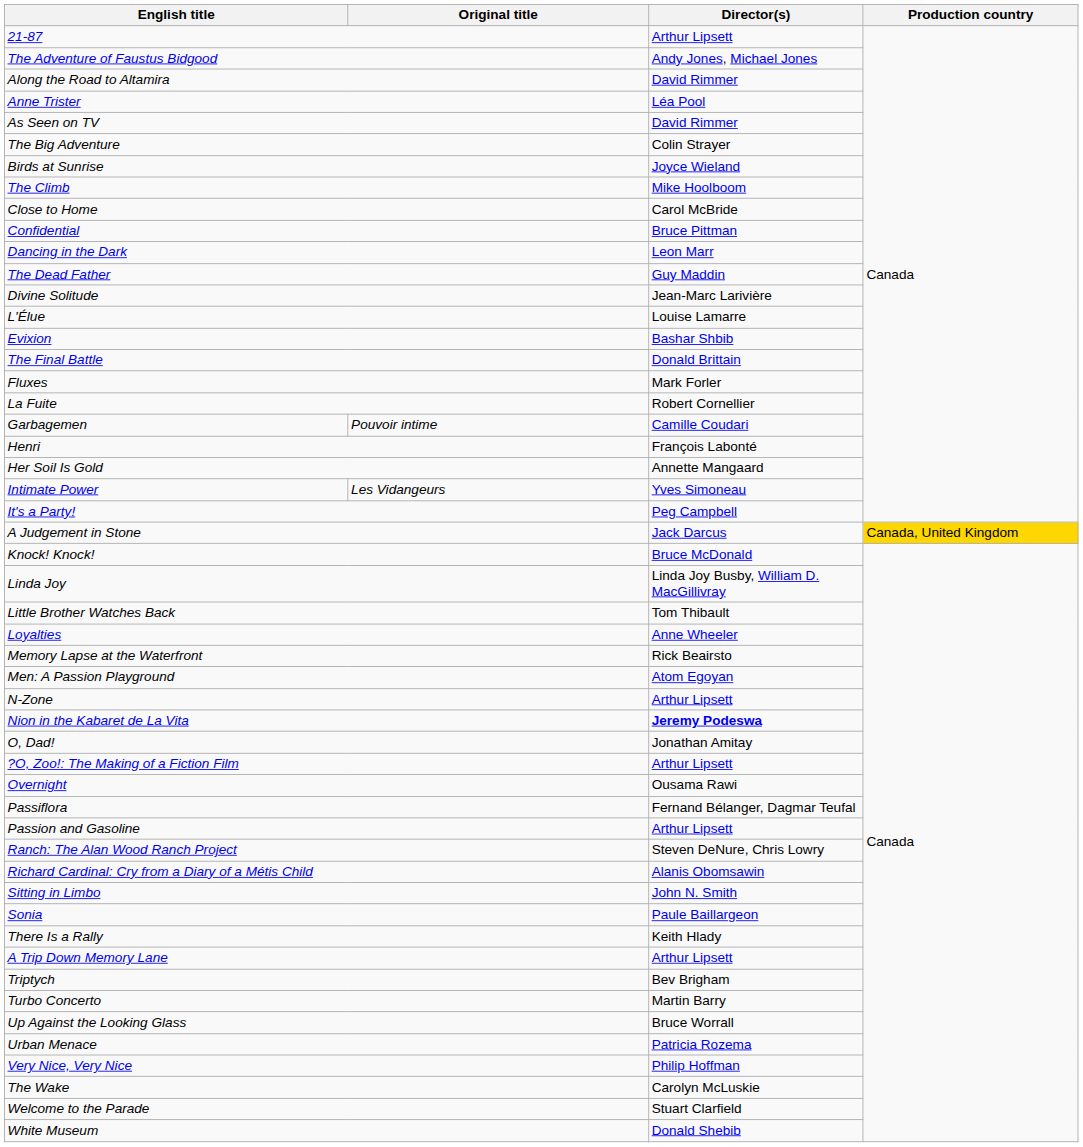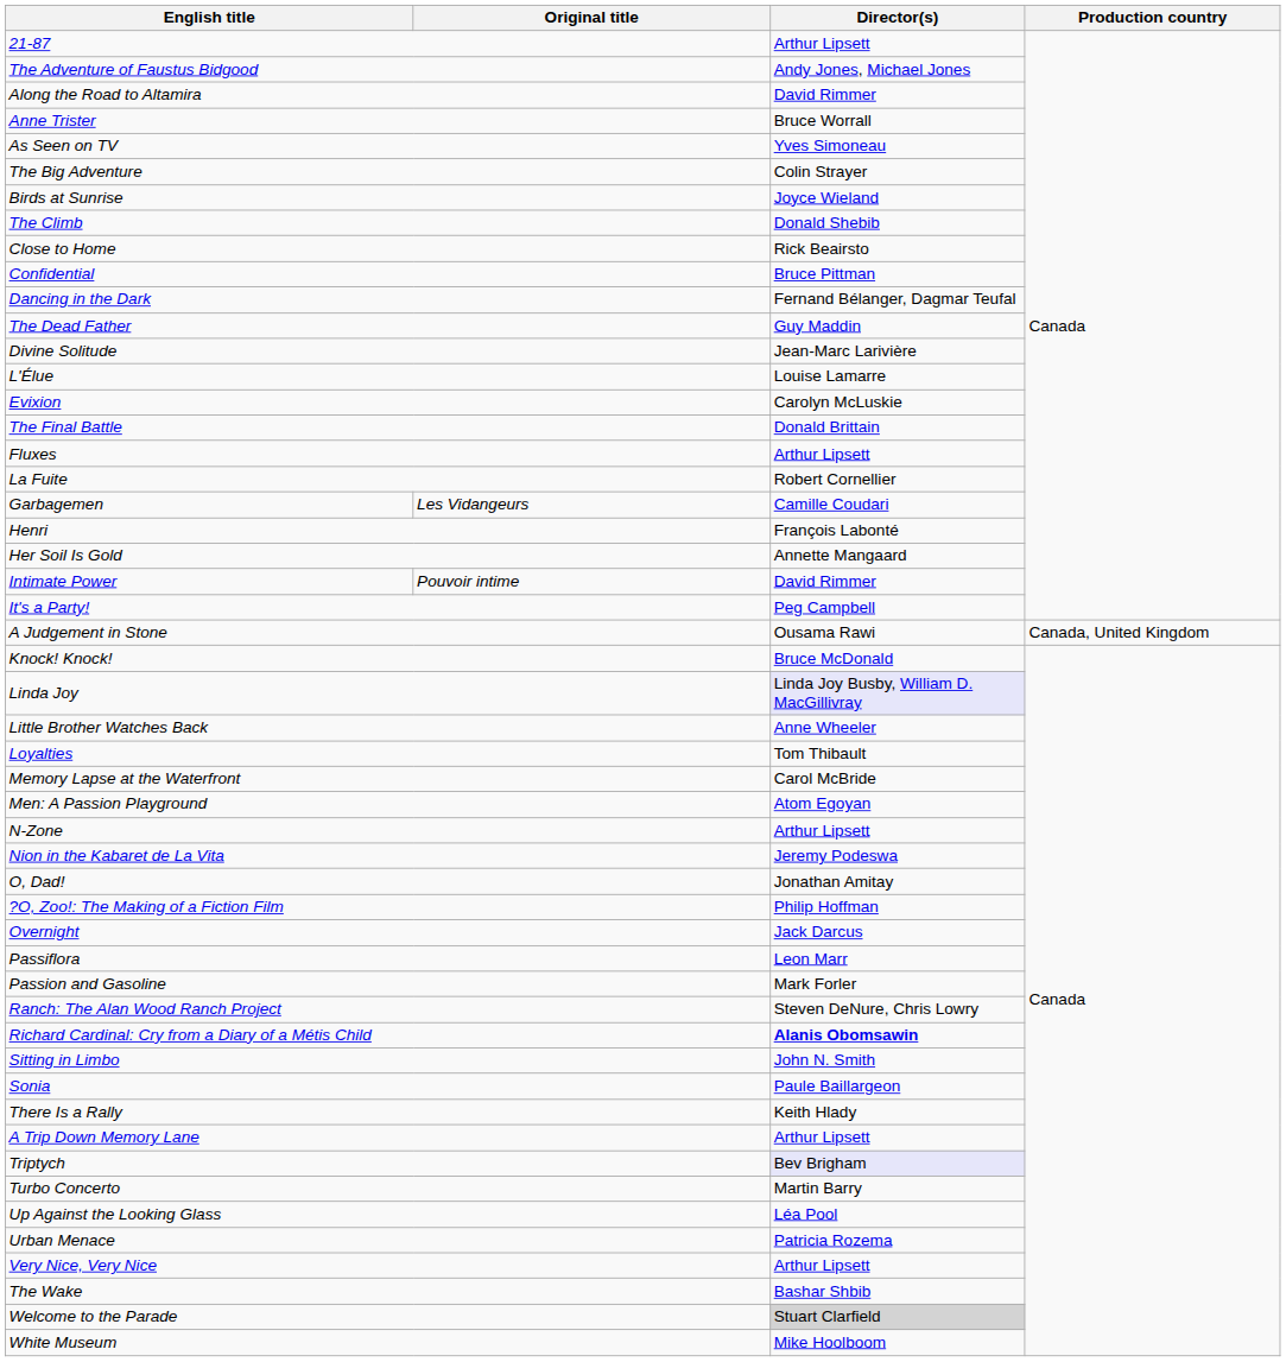 <table class="wikitable sortable" style="width:100%; margin-bottom:4px">
 <tr>
 <th scope="col" width="32%">English title</th>
 <th scope="col" width="28%">Original title</th>
 <th scope="col" width="20%">Director(s)</th>
 <th scope="col" width="20%">Production country</th>
 </tr>
 <tr>
 <td colspan=2><em><a href='#'>21-87</a></em></td>
 <td><a href='#'>Arthur Lipsett</a></td>
 <td rowspan=23>Canada</td>
 </tr>
 <tr>
 <td colspan=2><em><a href='#'>The Adventure of Faustus Bidgood</a></em></td>
 <td><a href='#'>Andy Jones</a>, <a href='#'>Michael Jones</a></td>
 </tr>
 <tr>
 <td colspan=2><em>Along the Road to Altamira</em></td>
 <td><a href='#'>David Rimmer</a></td>
 </tr>
 <tr>
 <td colspan=2><em><a href='#'>Anne Trister</a></em></td>
-<td><a href='#'>Léa Pool</a></td>
+<td>Bruce Worrall</td>
 </tr>
 <tr>
 <td colspan=2><em>As Seen on TV</em></td>
-<td><a href='#'>David Rimmer</a></td>
+<td><a href='#'>Yves Simoneau</a></td>
 </tr>
 <tr>
 <td colspan=2><em>The Big Adventure</em></td>
 <td>Colin Strayer</td>
 </tr>
 <tr>
 <td colspan=2><em>Birds at Sunrise</em></td>
 <td><a href='#'>Joyce Wieland</a></td>
 </tr>
 <tr>
 <td colspan=2><em><a href='#'>The Climb</a></em></td>
-<td><a href='#'>Mike Hoolboom</a></td>
+<td><a href='#'>Donald Shebib</a></td>
 </tr>
 <tr>
 <td colspan=2><em>Close to Home</em></td>
-<td>Carol McBride</td>
+<td>Rick Beairsto</td>
 </tr>
 <tr>
 <td colspan=2><em><a href='#'>Confidential</a></em></td>
 <td><a href='#'>Bruce Pittman</a></td>
 </tr>
 <tr>
 <td colspan=2><em><a href='#'>Dancing in the Dark</a></em></td>
-<td><a href='#'>Leon Marr</a></td>
+<td>Fernand Bélanger, Dagmar Teufal</td>
 </tr>
 <tr>
 <td colspan=2><em><a href='#'>The Dead Father</a></em></td>
 <td><a href='#'>Guy Maddin</a></td>
 </tr>
 <tr>
 <td colspan=2><em>Divine Solitude</em></td>
 <td>Jean-Marc Larivière</td>
 </tr>
 <tr>
 <td colspan=2><em>L'Élue</em></td>
 <td>Louise Lamarre</td>
 </tr>
 <tr>
 <td colspan=2><em><a href='#'>Evixion</a></em></td>
-<td><a href='#'>Bashar Shbib</a></td>
+<td>Carolyn McLuskie</td>
 </tr>
 <tr>
 <td colspan=2><em><a href='#'>The Final Battle</a></em></td>
 <td><a href='#'>Donald Brittain</a></td>
 </tr>
 <tr>
 <td colspan=2><em>Fluxes</em></td>
-<td>Mark Forler</td>
+<td><a href='#'>Arthur Lipsett</a></td>
 </tr>
 <tr>
 <td colspan=2><em>La Fuite</em></td>
 <td>Robert Cornellier</td>
 </tr>
 <tr>
 <td><em>Garbagemen</em></td>
-<td><em>Pouvoir intime</em></td>
+<td><em>Les Vidangeurs</em></td>
 <td><a href='#'>Camille Coudari</a></td>
 </tr>
 <tr>
 <td colspan=2><em>Henri</em></td>
 <td>François Labonté</td>
 </tr>
 <tr>
 <td colspan=2><em>Her Soil Is Gold</em></td>
 <td>Annette Mangaard</td>
 </tr>
 <tr>
 <td><em><a href='#'>Intimate Power</a></em></td>
-<td><em>Les Vidangeurs</em></td>
-<td><a href='#'>Yves Simoneau</a></td>
+<td><em>Pouvoir intime</em></td>
+<td><a href='#'>David Rimmer</a></td>
 </tr>
 <tr>
 <td colspan=2><em><a href='#'>It's a Party!</a></em></td>
 <td><a href='#'>Peg Campbell</a></td>
 </tr>
 <tr>
 <td colspan=2><em>A Judgement in Stone</em></td>
-<td><a href='#'>Jack Darcus</a></td>
-<td style="background: gold;">Canada, United Kingdom</td>
+<td>Ousama Rawi</td>
+<td>Canada, United Kingdom</td>
 </tr>
 <tr>
 <td colspan=2><em>Knock! Knock!</em></td>
 <td><a href='#'>Bruce McDonald</a></td>
 <td rowspan=27>Canada</td>
 </tr>
 <tr>
 <td colspan=2><em>Linda Joy</em></td>
-<td>Linda Joy Busby, <a href='#'>William D. MacGillivray</a></td>
+<td style="background: lavender;">Linda Joy Busby, <a href='#'>William D. MacGillivray</a></td>
 </tr>
 <tr>
 <td colspan=2><em>Little Brother Watches Back</em></td>
+<td><a href='#'>Anne Wheeler</a></td>
+</tr>
+<tr>
+<td colspan=2><em><a href='#'>Loyalties</a></em></td>
 <td>Tom Thibault</td>
 </tr>
 <tr>
-<td colspan=2><em><a href='#'>Loyalties</a></em></td>
-<td><a href='#'>Anne Wheeler</a></td>
-</tr>
-<tr>
 <td colspan=2><em>Memory Lapse at the Waterfront</em></td>
-<td>Rick Beairsto</td>
+<td>Carol McBride</td>
 </tr>
 <tr>
 <td colspan=2><em>Men: A Passion Playground</em></td>
 <td><a href='#'>Atom Egoyan</a></td>
 </tr>
 <tr>
 <td colspan=2><em>N-Zone</em></td>
 <td><a href='#'>Arthur Lipsett</a></td>
 </tr>
 <tr>
 <td colspan=2><em><a href='#'>Nion in the Kabaret de La Vita</a></em></td>
-<td><strong><a href='#'>Jeremy Podeswa</a></strong></td>
+<td><a href='#'>Jeremy Podeswa</a></td>
 </tr>
 <tr>
 <td colspan=2><em>O, Dad!</em></td>
 <td>Jonathan Amitay</td>
 </tr>
 <tr>
 <td colspan=2><em><a href='#'>?O, Zoo!: The Making of a Fiction Film</a></em></td>
-<td><a href='#'>Arthur Lipsett</a></td>
+<td><a href='#'>Philip Hoffman</a></td>
 </tr>
 <tr>
 <td colspan=2><em><a href='#'>Overnight</a></em></td>
-<td>Ousama Rawi</td>
+<td><a href='#'>Jack Darcus</a></td>
 </tr>
 <tr>
 <td colspan=2><em>Passiflora</em></td>
-<td>Fernand Bélanger, Dagmar Teufal</td>
+<td><a href='#'>Leon Marr</a></td>
 </tr>
 <tr>
 <td colspan=2><em>Passion and Gasoline</em></td>
-<td><a href='#'>Arthur Lipsett</a></td>
+<td>Mark Forler</td>
 </tr>
 <tr>
 <td colspan=2><em><a href='#'>Ranch: The Alan Wood Ranch Project</a></em></td>
 <td>Steven DeNure, Chris Lowry</td>
 </tr>
 <tr>
 <td colspan=2><em><a href='#'>Richard Cardinal: Cry from a Diary of a Métis Child</a></em></td>
-<td><a href='#'>Alanis Obomsawin</a></td>
+<td><strong><a href='#'>Alanis Obomsawin</a></strong></td>
 </tr>
 <tr>
 <td colspan=2><em><a href='#'>Sitting in Limbo</a></em></td>
 <td><a href='#'>John N. Smith</a></td>
 </tr>
 <tr>
 <td colspan=2><em><a href='#'>Sonia</a></em></td>
 <td><a href='#'>Paule Baillargeon</a></td>
 </tr>
 <tr>
 <td colspan=2><em>There Is a Rally</em></td>
 <td>Keith Hlady</td>
 </tr>
 <tr>
 <td colspan=2><em><a href='#'>A Trip Down Memory Lane</a></em></td>
 <td><a href='#'>Arthur Lipsett</a></td>
 </tr>
 <tr>
 <td colspan=2><em>Triptych</em></td>
-<td>Bev Brigham</td>
+<td style="background: lavender;">Bev Brigham</td>
 </tr>
 <tr>
 <td colspan=2><em>Turbo Concerto</em></td>
 <td>Martin Barry</td>
 </tr>
 <tr>
 <td colspan=2><em>Up Against the Looking Glass</em></td>
-<td>Bruce Worrall</td>
+<td><a href='#'>Léa Pool</a></td>
 </tr>
 <tr>
 <td colspan=2><em>Urban Menace</em></td>
 <td><a href='#'>Patricia Rozema</a></td>
 </tr>
 <tr>
 <td colspan=2><em><a href='#'>Very Nice, Very Nice</a></em></td>
-<td><a href='#'>Philip Hoffman</a></td>
+<td><a href='#'>Arthur Lipsett</a></td>
 </tr>
 <tr>
 <td colspan=2><em>The Wake</em></td>
-<td>Carolyn McLuskie</td>
+<td><a href='#'>Bashar Shbib</a></td>
 </tr>
 <tr>
 <td colspan=2><em>Welcome to the Parade</em></td>
-<td>Stuart Clarfield</td>
+<td style="background: lightgrey;">Stuart Clarfield</td>
 </tr>
 <tr>
 <td colspan=2><em>White Museum</em></td>
-<td><a href='#'>Donald Shebib</a></td>
+<td><a href='#'>Mike Hoolboom</a></td>
 </tr>
 </table>
